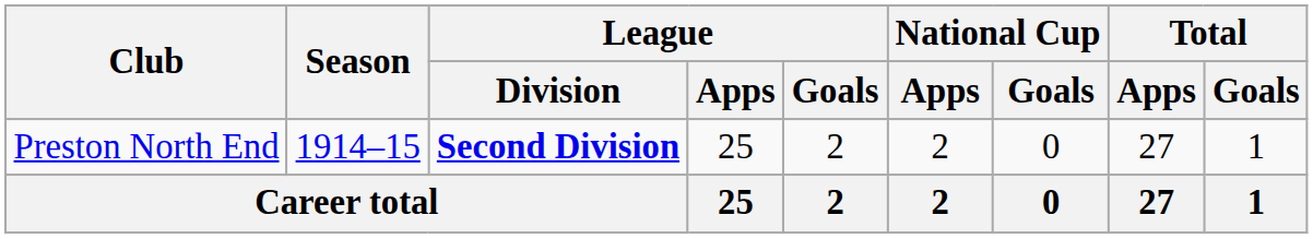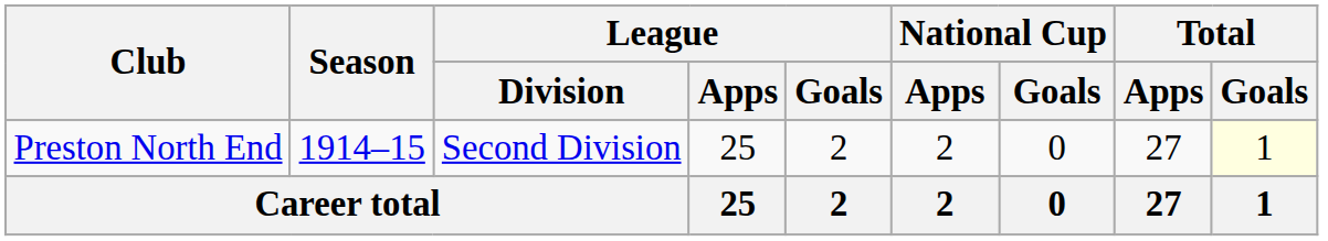 <table class="wikitable" style="text-align: center;">
 <tr>
 <th rowspan="2">Club</th>
 <th rowspan="2">Season</th>
 <th colspan="3">League</th>
 <th colspan="2">National Cup</th>
 <th colspan="2">Total</th>
 </tr>
 <tr>
 <th>Division</th>
 <th>Apps</th>
 <th>Goals</th>
 <th>Apps</th>
 <th>Goals</th>
 <th>Apps</th>
 <th>Goals</th>
 </tr>
 <tr>
 <td><a href='#'>Preston North End</a></td>
 <td><a href='#'>1914–15</a></td>
-<td><strong><a href='#'>Second Division</a></strong></td>
+<td><a href='#'>Second Division</a></td>
 <td>25</td>
 <td>2</td>
 <td>2</td>
 <td>0</td>
 <td>27</td>
-<td>1</td>
+<td style="background: lightyellow;">1</td>
 </tr>
 <tr>
 <th colspan="3">Career total</th>
 <th>25</th>
 <th>2</th>
 <th>2</th>
 <th>0</th>
 <th>27</th>
 <th>1</th>
 </tr>
 </table>
